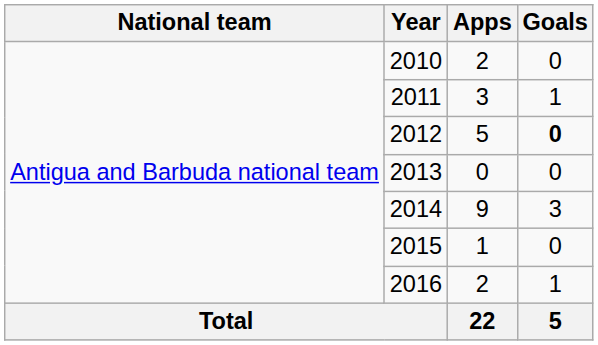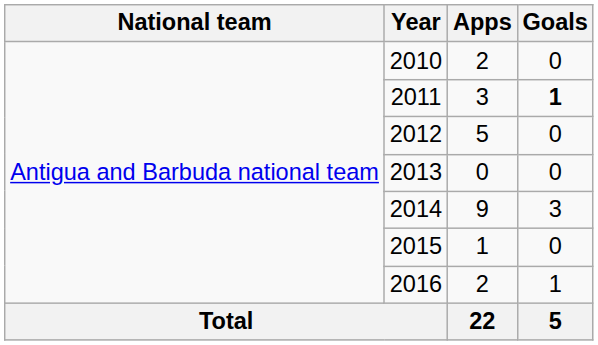 <table class=wikitable style=text-align:center>
 <tr>
 <th>National team</th>
 <th>Year</th>
 <th>Apps</th>
 <th>Goals</th>
 </tr>
 <tr>
 <td rowspan=7><a href='#'>Antigua and Barbuda national team</a></td>
 <td>2010</td>
 <td>2</td>
 <td>0</td>
 </tr>
 <tr>
 <td>2011</td>
 <td>3</td>
-<td>1</td>
+<td><strong>1</strong></td>
 </tr>
 <tr>
 <td>2012</td>
 <td>5</td>
-<td><strong>0</strong></td>
+<td>0</td>
 </tr>
 <tr>
 <td>2013</td>
 <td>0</td>
 <td>0</td>
 </tr>
 <tr>
 <td>2014</td>
 <td>9</td>
 <td>3</td>
 </tr>
 <tr>
 <td>2015</td>
 <td>1</td>
 <td>0</td>
 </tr>
 <tr>
 <td>2016</td>
 <td>2</td>
 <td>1</td>
 </tr>
 <tr>
 <th colspan=2>Total</th>
 <th>22</th>
 <th>5</th>
 </tr>
 </table>
